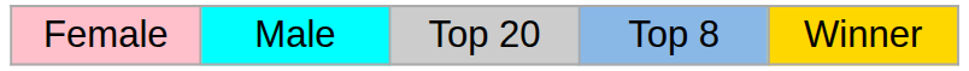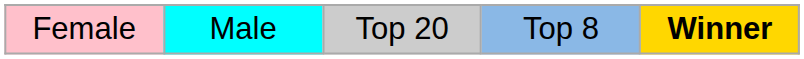 <table class="wikitable" style="margin:1em auto; text-align:center;">
 <tr>
 </tr>
 <tr>
 <td style="background:pink; width:15%;">Female</td>
 <td style="background:cyan; width:15%;">Male</td>
 <td style="background:#ccc; width:15%;">Top 20</td>
 <td style="background:#8ab8e6; width:15%;">Top 8</td>
-<td style="background:gold;" width="15%">Winner</td>
+<td style="background:gold;" width="15%"><strong>Winner</strong></td>
 </tr>
 </table>
